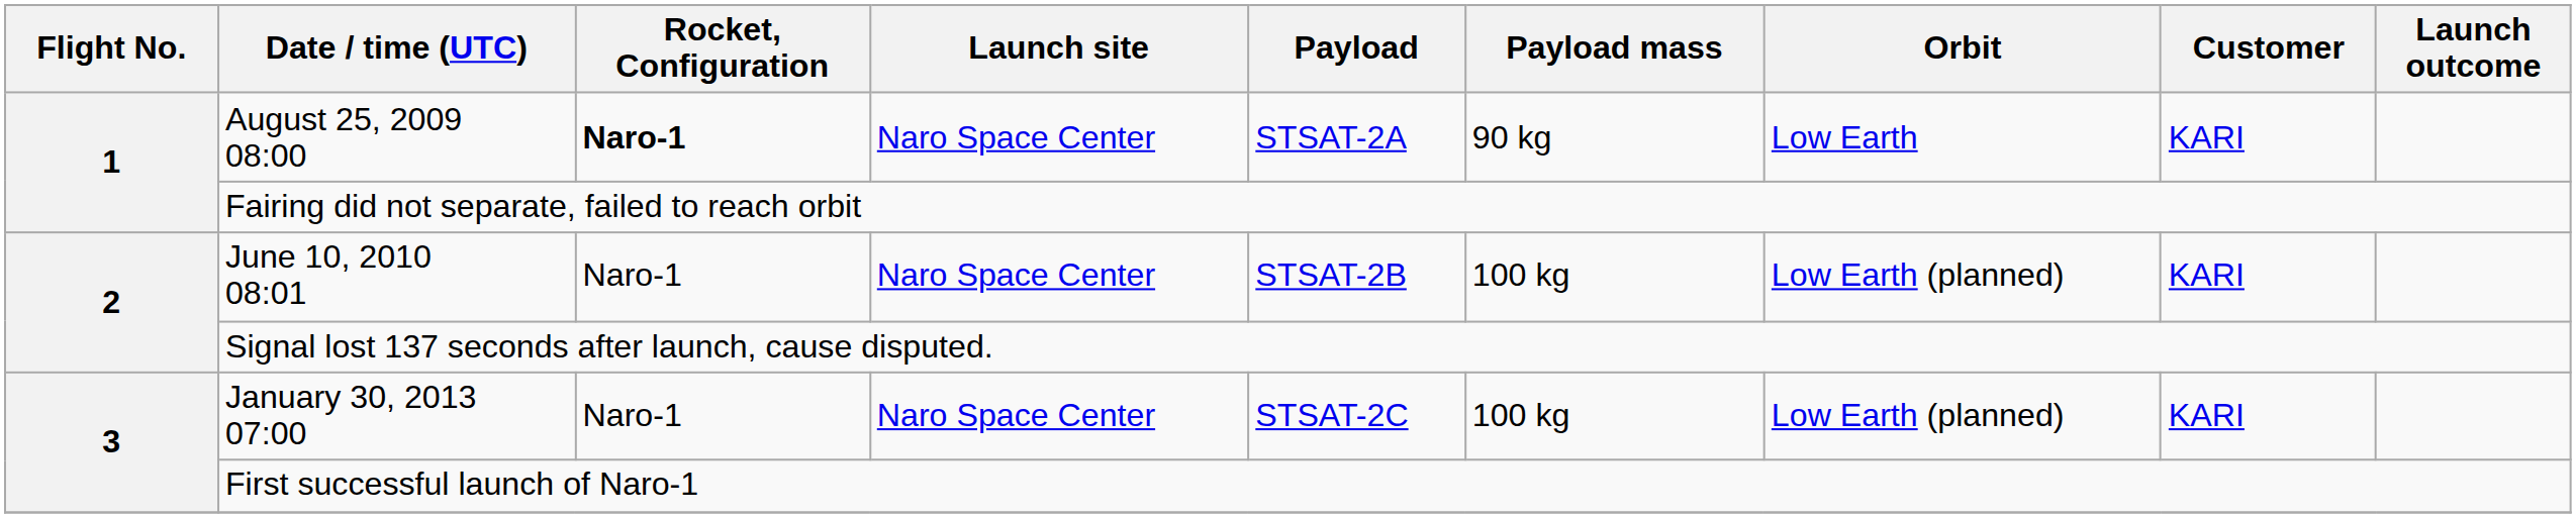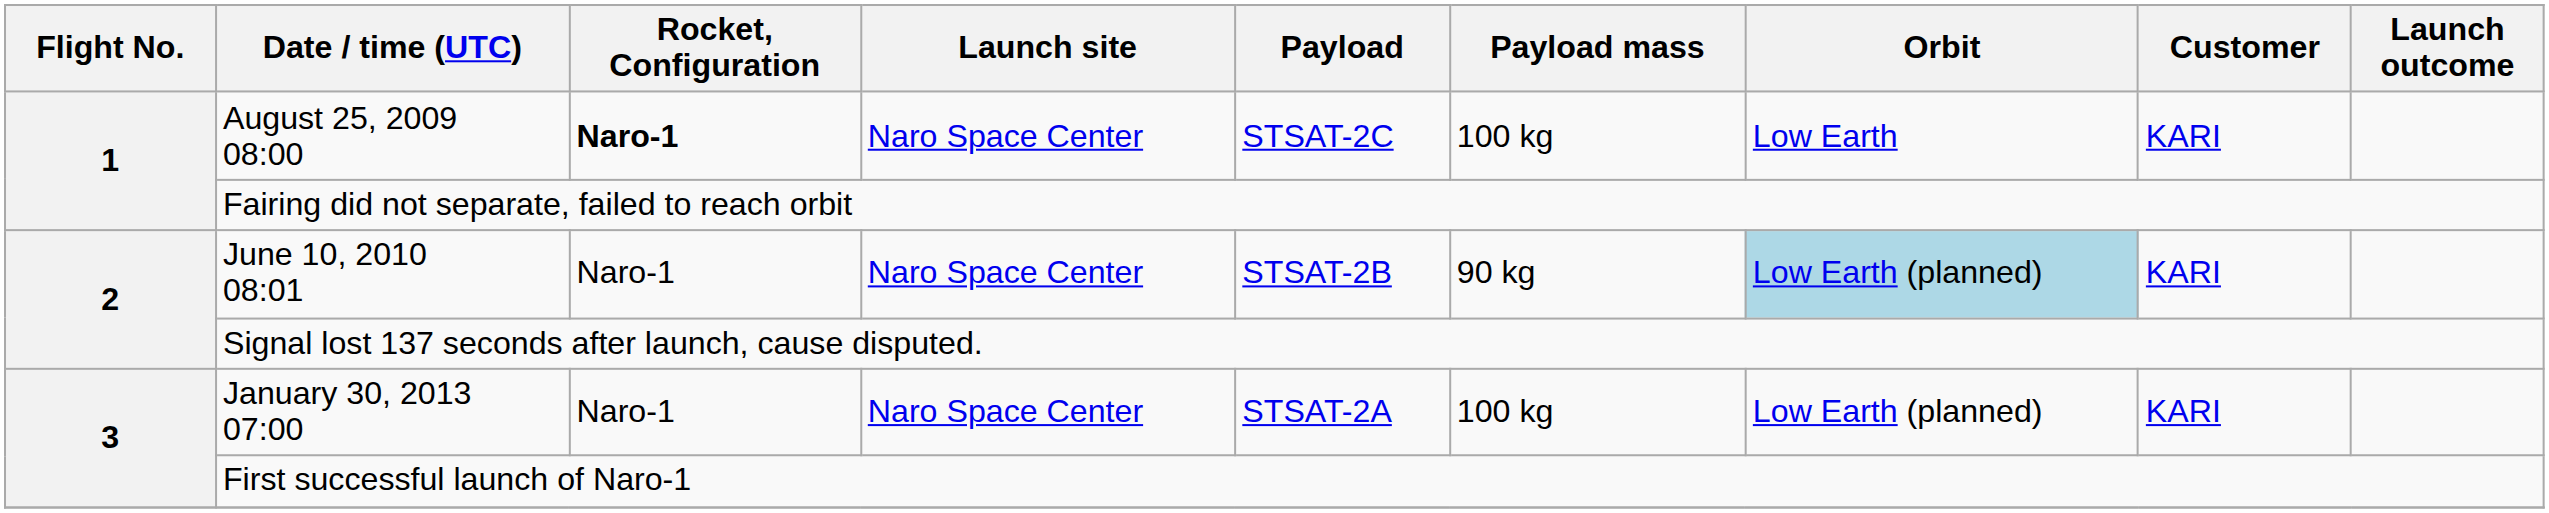 <table class="wikitable plainrowheaders" style="width: 100%;">
 <tr>
 <th scope="col">Flight No.</th>
 <th scope="col">Date / time (<a href='#'>UTC</a>)</th>
 <th scope="col">Rocket, <br> Configuration</th>
 <th scope="col">Launch site</th>
 <th scope="col">Payload</th>
 <th scope="col">Payload mass</th>
 <th scope="col">Orbit</th>
 <th scope="col">Customer</th>
 <th scope="col">Launch <br> outcome</th>
 </tr>
 <tr>
 <th scope="row" rowspan=2 style="text-align:center;">1</th>
 <td>August 25, 2009<br>08:00</td>
 <td><strong>Naro-1</strong></td>
 <td><a href='#'>Naro Space Center</a></td>
-<td> <a href='#'>STSAT-2A</a></td>
-<td>90 kg</td>
+<td> <a href='#'>STSAT-2C</a></td>
+<td>100 kg</td>
 <td><a href='#'>Low Earth</a></td>
 <td><a href='#'>KARI</a></td>
 <td></td>
 </tr>
 <tr>
 <td colspan="8">Fairing did not separate, failed to reach orbit</td>
 </tr>
 <tr>
 <th scope="row" rowspan=2 style="text-align:center;">2</th>
 <td>June 10, 2010<br>08:01</td>
 <td>Naro-1</td>
 <td><a href='#'>Naro Space Center</a></td>
 <td> <a href='#'>STSAT-2B</a></td>
-<td>100 kg</td>
-<td><a href='#'>Low Earth</a> (planned)</td>
+<td>90 kg</td>
+<td style="background: lightblue;"><a href='#'>Low Earth</a> (planned)</td>
 <td><a href='#'>KARI</a></td>
 <td></td>
 </tr>
 <tr>
 <td colspan="8">Signal lost 137 seconds after launch, cause disputed.</td>
 </tr>
 <tr>
 <th scope="row" rowspan=2 style="text-align:center;">3</th>
 <td>January 30, 2013<br>07:00</td>
 <td>Naro-1</td>
 <td><a href='#'>Naro Space Center</a></td>
-<td> <a href='#'>STSAT-2C</a></td>
+<td> <a href='#'>STSAT-2A</a></td>
 <td>100 kg</td>
 <td><a href='#'>Low Earth</a> (planned)</td>
 <td><a href='#'>KARI</a></td>
 <td></td>
 </tr>
 <tr>
 <td colspan="8">First successful launch of Naro-1</td>
 </tr>
 <tr>
 </tr>
 </table>
